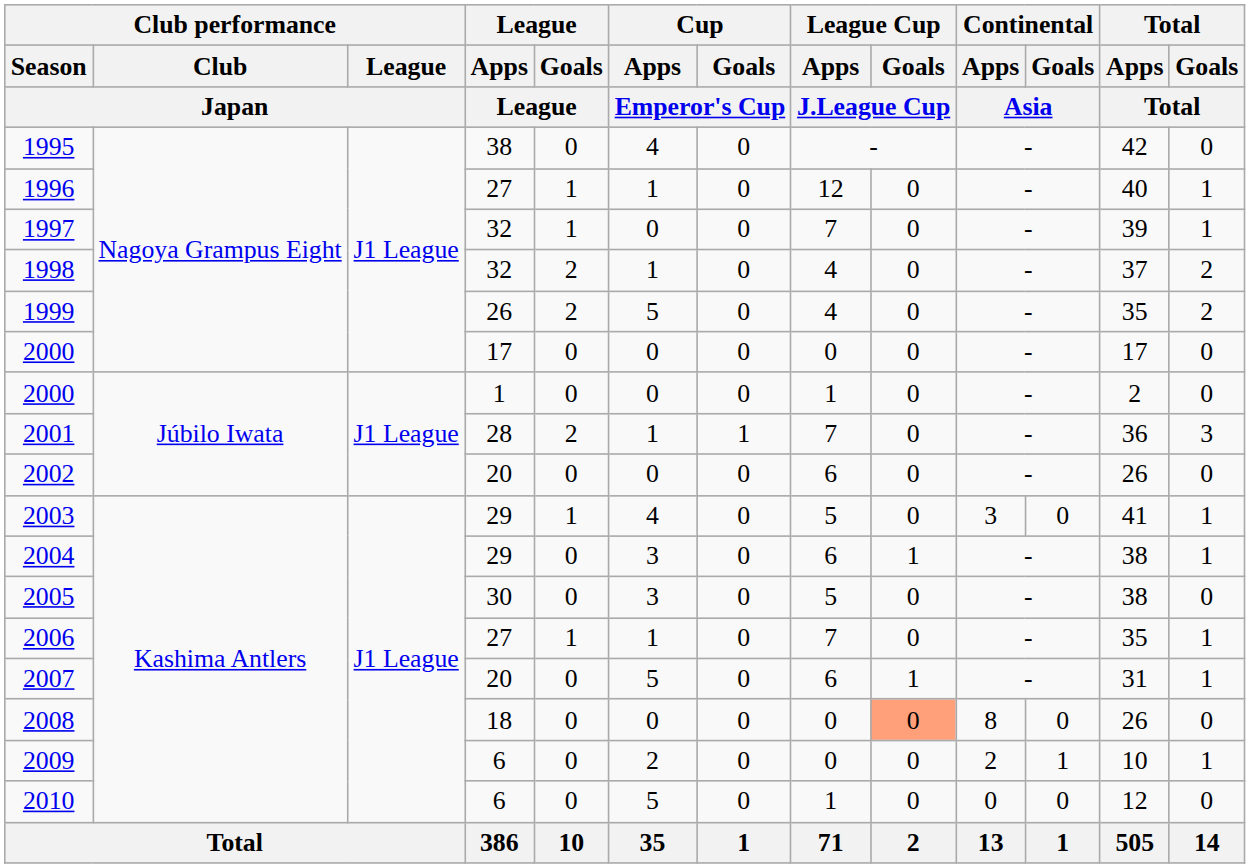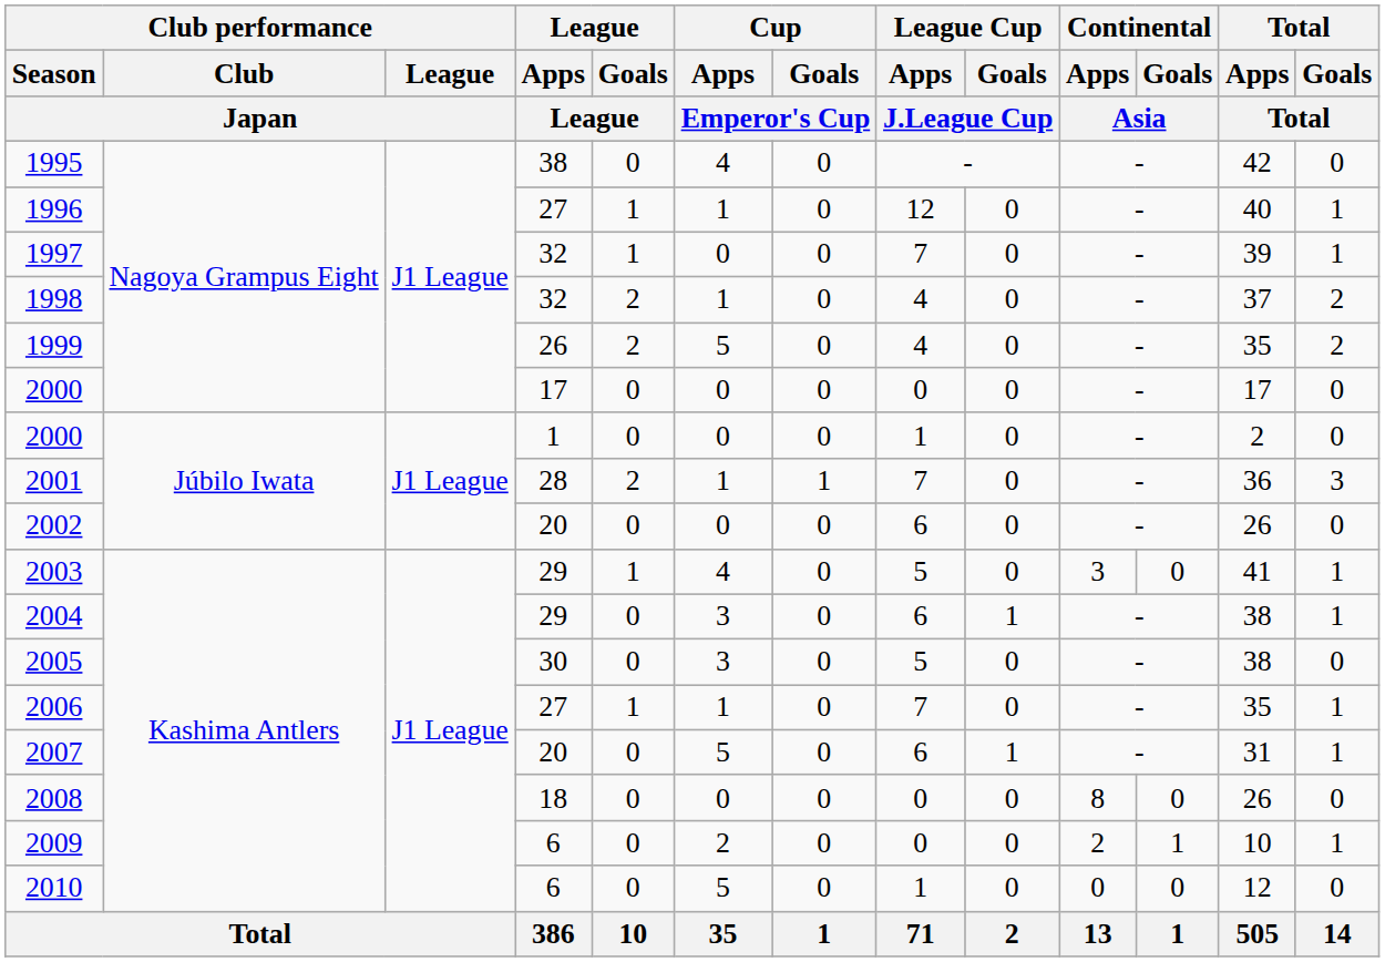 <table class="wikitable" style="text-align:center;">
 <tr>
 <th colspan=3>Club performance</th>
 <th colspan=2>League</th>
 <th colspan=2>Cup</th>
 <th colspan=2>League Cup</th>
 <th colspan=2>Continental</th>
 <th colspan=2>Total</th>
 </tr>
 <tr>
 <th>Season</th>
 <th>Club</th>
 <th>League</th>
 <th>Apps</th>
 <th>Goals</th>
 <th>Apps</th>
 <th>Goals</th>
 <th>Apps</th>
 <th>Goals</th>
 <th>Apps</th>
 <th>Goals</th>
 <th>Apps</th>
 <th>Goals</th>
 </tr>
 <tr>
 <th colspan=3>Japan</th>
 <th colspan=2>League</th>
 <th colspan=2><a href='#'>Emperor's Cup</a></th>
 <th colspan=2><a href='#'>J.League Cup</a></th>
 <th colspan=2><a href='#'>Asia</a></th>
 <th colspan=2>Total</th>
 </tr>
 <tr>
 <td><a href='#'>1995</a></td>
 <td rowspan="6"><a href='#'>Nagoya Grampus Eight</a></td>
 <td rowspan="6"><a href='#'>J1 League</a></td>
 <td>38</td>
 <td>0</td>
 <td>4</td>
 <td>0</td>
 <td colspan="2">-</td>
 <td colspan="2">-</td>
 <td>42</td>
 <td>0</td>
 </tr>
 <tr>
 <td><a href='#'>1996</a></td>
 <td>27</td>
 <td>1</td>
 <td>1</td>
 <td>0</td>
 <td>12</td>
 <td>0</td>
 <td colspan="2">-</td>
 <td>40</td>
 <td>1</td>
 </tr>
 <tr>
 <td><a href='#'>1997</a></td>
 <td>32</td>
 <td>1</td>
 <td>0</td>
 <td>0</td>
 <td>7</td>
 <td>0</td>
 <td colspan="2">-</td>
 <td>39</td>
 <td>1</td>
 </tr>
 <tr>
 <td><a href='#'>1998</a></td>
 <td>32</td>
 <td>2</td>
 <td>1</td>
 <td>0</td>
 <td>4</td>
 <td>0</td>
 <td colspan="2">-</td>
 <td>37</td>
 <td>2</td>
 </tr>
 <tr>
 <td><a href='#'>1999</a></td>
 <td>26</td>
 <td>2</td>
 <td>5</td>
 <td>0</td>
 <td>4</td>
 <td>0</td>
 <td colspan="2">-</td>
 <td>35</td>
 <td>2</td>
 </tr>
 <tr>
 <td><a href='#'>2000</a></td>
 <td>17</td>
 <td>0</td>
 <td>0</td>
 <td>0</td>
 <td>0</td>
 <td>0</td>
 <td colspan="2">-</td>
 <td>17</td>
 <td>0</td>
 </tr>
 <tr>
 <td><a href='#'>2000</a></td>
 <td rowspan="3"><a href='#'>Júbilo Iwata</a></td>
 <td rowspan="3"><a href='#'>J1 League</a></td>
 <td>1</td>
 <td>0</td>
 <td>0</td>
 <td>0</td>
 <td>1</td>
 <td>0</td>
 <td colspan="2">-</td>
 <td>2</td>
 <td>0</td>
 </tr>
 <tr>
 <td><a href='#'>2001</a></td>
 <td>28</td>
 <td>2</td>
 <td>1</td>
 <td>1</td>
 <td>7</td>
 <td>0</td>
 <td colspan="2">-</td>
 <td>36</td>
 <td>3</td>
 </tr>
 <tr>
 <td><a href='#'>2002</a></td>
 <td>20</td>
 <td>0</td>
 <td>0</td>
 <td>0</td>
 <td>6</td>
 <td>0</td>
 <td colspan="2">-</td>
 <td>26</td>
 <td>0</td>
 </tr>
 <tr>
 <td><a href='#'>2003</a></td>
 <td rowspan="8"><a href='#'>Kashima Antlers</a></td>
 <td rowspan="8"><a href='#'>J1 League</a></td>
 <td>29</td>
 <td>1</td>
 <td>4</td>
 <td>0</td>
 <td>5</td>
 <td>0</td>
 <td>3</td>
 <td>0</td>
 <td>41</td>
 <td>1</td>
 </tr>
 <tr>
 <td><a href='#'>2004</a></td>
 <td>29</td>
 <td>0</td>
 <td>3</td>
 <td>0</td>
 <td>6</td>
 <td>1</td>
 <td colspan="2">-</td>
 <td>38</td>
 <td>1</td>
 </tr>
 <tr>
 <td><a href='#'>2005</a></td>
 <td>30</td>
 <td>0</td>
 <td>3</td>
 <td>0</td>
 <td>5</td>
 <td>0</td>
 <td colspan="2">-</td>
 <td>38</td>
 <td>0</td>
 </tr>
 <tr>
 <td><a href='#'>2006</a></td>
 <td>27</td>
 <td>1</td>
 <td>1</td>
 <td>0</td>
 <td>7</td>
 <td>0</td>
 <td colspan="2">-</td>
 <td>35</td>
 <td>1</td>
 </tr>
 <tr>
 <td><a href='#'>2007</a></td>
 <td>20</td>
 <td>0</td>
 <td>5</td>
 <td>0</td>
 <td>6</td>
 <td>1</td>
 <td colspan="2">-</td>
 <td>31</td>
 <td>1</td>
 </tr>
 <tr>
 <td><a href='#'>2008</a></td>
 <td>18</td>
 <td>0</td>
 <td>0</td>
 <td>0</td>
 <td>0</td>
-<td style="background: lightsalmon;">0</td>
+<td>0</td>
 <td>8</td>
 <td>0</td>
 <td>26</td>
 <td>0</td>
 </tr>
 <tr>
 <td><a href='#'>2009</a></td>
 <td>6</td>
 <td>0</td>
 <td>2</td>
 <td>0</td>
 <td>0</td>
 <td>0</td>
 <td>2</td>
 <td>1</td>
 <td>10</td>
 <td>1</td>
 </tr>
 <tr>
 <td><a href='#'>2010</a></td>
 <td>6</td>
 <td>0</td>
 <td>5</td>
 <td>0</td>
 <td>1</td>
 <td>0</td>
 <td>0</td>
 <td>0</td>
 <td>12</td>
 <td>0</td>
 </tr>
 <tr>
 <th colspan=3>Total</th>
 <th>386</th>
 <th>10</th>
 <th>35</th>
 <th>1</th>
 <th>71</th>
 <th>2</th>
 <th>13</th>
 <th>1</th>
 <th>505</th>
 <th>14</th>
 </tr>
 </table>
